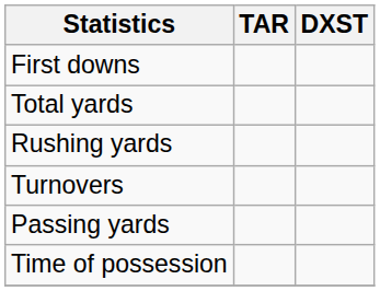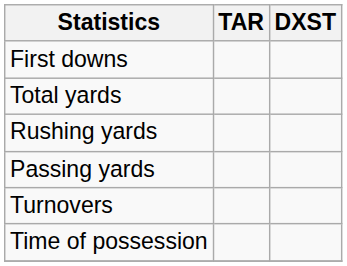 <table class="wikitable" style="float: left;">
 <tr>
 <th>Statistics</th>
 <th>TAR</th>
 <th>DXST</th>
 </tr>
 <tr>
 <td>First downs</td>
 <td></td>
 <td></td>
 </tr>
 <tr>
 <td>Total yards</td>
 <td></td>
 <td></td>
 </tr>
 <tr>
 <td>Rushing yards</td>
 <td></td>
 <td></td>
 </tr>
 <tr>
-<td>Turnovers</td>
+<td>Passing yards</td>
 <td></td>
 <td></td>
 </tr>
 <tr>
-<td>Passing yards</td>
+<td>Turnovers</td>
 <td></td>
 <td></td>
 </tr>
 <tr>
 <td>Time of possession</td>
 <td></td>
 <td></td>
 </tr>
 <tr>
 </tr>
 </table>
